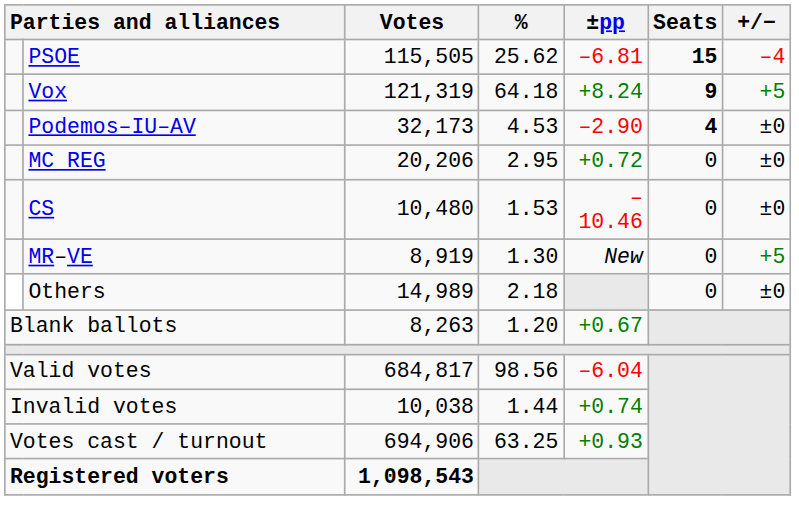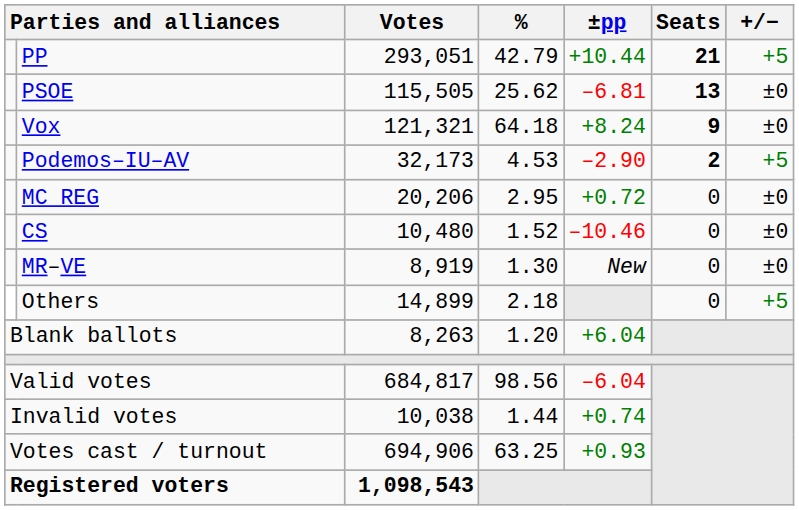 <table class="wikitable" style="text-align:right;">
 <tr>
 <th style="text-align:left;" colspan="2" width="200">Parties and alliances</th>
 <th width="75">Votes</th>
 <th width="45">%</th>
 <th width="45">±<a href='#'>pp</a></th>
 <th width="35">Seats</th>
 <th width="35">+/−</th>
 </tr>
 <tr>
+<td width="1" style="color:inherit;background:"></td>
+<td align="left"><a href='#'>PP</a></td>
+<td>293,051</td>
+<td>42.79</td>
+<td style="color:green;">+10.44</td>
+<td><strong>21</strong></td>
+<td style="color:green;">+5</td>
+</tr>
+<tr>
 <td style="color:inherit;background:"></td>
 <td align="left"><a href='#'>PSOE</a></td>
 <td>115,505</td>
 <td>25.62</td>
 <td style="color:red;">–6.81</td>
-<td><strong>15</strong></td>
-<td style="color:red;">–4</td>
+<td><strong>13</strong></td>
+<td>±0</td>
 </tr>
 <tr>
 <td style="color:inherit;background:"></td>
 <td align="left"><a href='#'>Vox</a></td>
-<td>121,319</td>
+<td>121,321</td>
 <td>64.18</td>
 <td style="color:green;">+8.24</td>
 <td><strong>9</strong></td>
-<td style="color:green;">+5</td>
+<td>±0</td>
 </tr>
 <tr>
 <td style="color:inherit;background:"></td>
 <td align="left"><a href='#'>Podemos–IU–AV</a></td>
 <td>32,173</td>
 <td>4.53</td>
 <td style="color:red;">–2.90</td>
-<td><strong>4</strong></td>
-<td>±0</td>
+<td><strong>2</strong></td>
+<td style="color:green;">+5</td>
 </tr>
 <tr>
 <td style="color:inherit;background:"></td>
 <td align="left"><a href='#'>MC REG</a></td>
 <td>20,206</td>
 <td>2.95</td>
 <td style="color:green;">+0.72</td>
 <td>0</td>
 <td>±0</td>
 </tr>
 <tr>
 <td style="color:inherit;background:"></td>
 <td align="left"><a href='#'>CS</a></td>
 <td>10,480</td>
-<td>1.53</td>
+<td>1.52</td>
 <td style="color:red;">–10.46</td>
 <td>0</td>
 <td>±0</td>
 </tr>
 <tr>
 <td style="color:inherit;background:"></td>
 <td align="left"><a href='#'>MR</a>–<a href='#'>VE</a></td>
 <td>8,919</td>
 <td>1.30</td>
 <td><em>New</em></td>
 <td>0</td>
-<td style="color:green;">+5</td>
+<td>±0</td>
 </tr>
 <tr>
 <td bgcolor="white"></td>
 <td align="left">Others</td>
-<td>14,989</td>
+<td>14,899</td>
 <td>2.18</td>
 <td bgcolor="#E9E9E9"></td>
 <td>0</td>
-<td>±0</td>
+<td style="color:green;">+5</td>
 </tr>
 <tr>
 <td align="left" colspan="2">Blank ballots</td>
 <td>8,263</td>
 <td>1.20</td>
-<td style="color:green;">+0.67</td>
+<td style="color:green;">+6.04</td>
 <td bgcolor="#E9E9E9" colspan="2"></td>
 </tr>
 <tr>
 <td colspan="7" bgcolor="#E9E9E9"></td>
 </tr>
 <tr>
 <td align="left" colspan="2">Valid votes</td>
 <td>684,817</td>
 <td>98.56</td>
 <td style="color:red;">–6.04</td>
 <td bgcolor="#E9E9E9" colspan="2" rowspan="4"></td>
 </tr>
 <tr>
 <td align="left" colspan="2">Invalid votes</td>
 <td>10,038</td>
 <td>1.44</td>
 <td style="color:green;">+0.74</td>
 </tr>
 <tr>
 <td align="left" colspan="2">Votes cast / turnout</td>
 <td>694,906</td>
 <td>63.25</td>
 <td style="color:green;">+0.93</td>
 </tr>
 <tr style="font-weight:bold;">
 <td align="left" colspan="2">Registered voters</td>
 <td>1,098,543</td>
 <td bgcolor="#E9E9E9" colspan="2"></td>
 </tr>
 </table>
